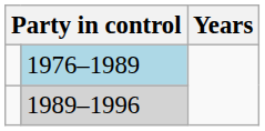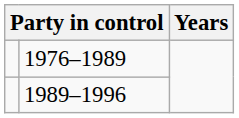 <table class="wikitable">
 <tr>
 <th colspan="2">Party in control</th>
 <th>Years</th>
 </tr>
 <tr>
 <td></td>
-<td style="background: lightblue;">1976–1989</td>
+<td>1976–1989</td>
 </tr>
 <tr>
 <td></td>
-<td style="background: lightgrey;">1989–1996</td>
+<td>1989–1996</td>
 </tr>
 </table>
